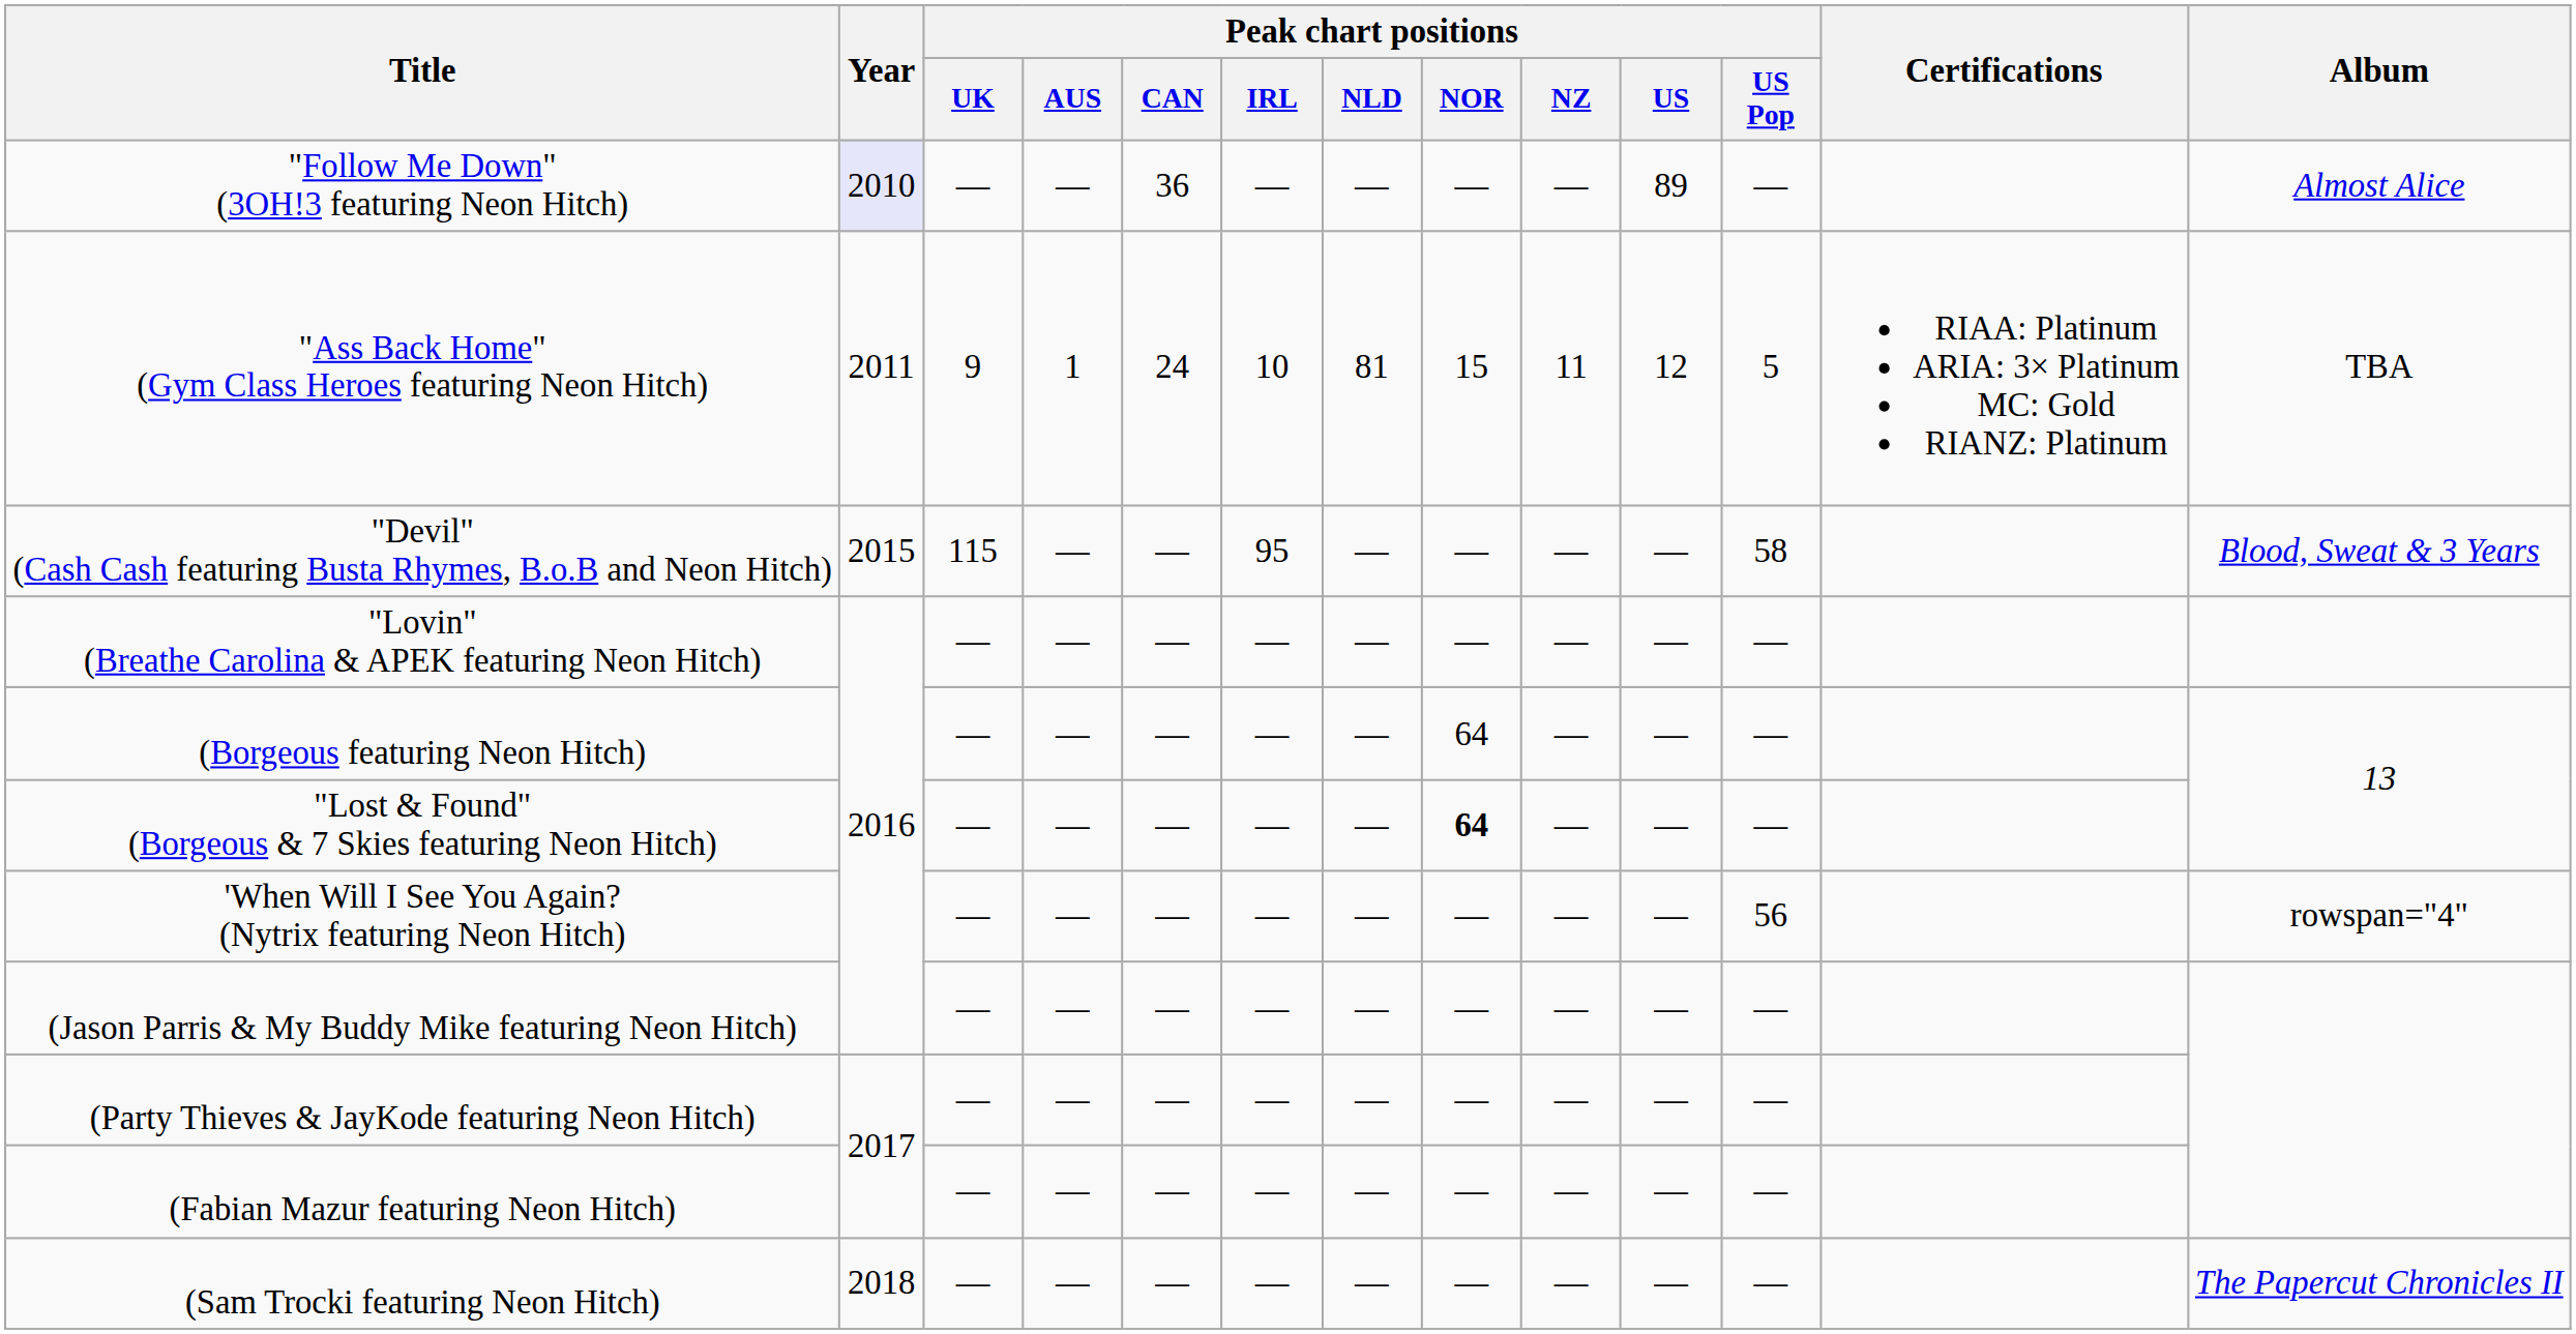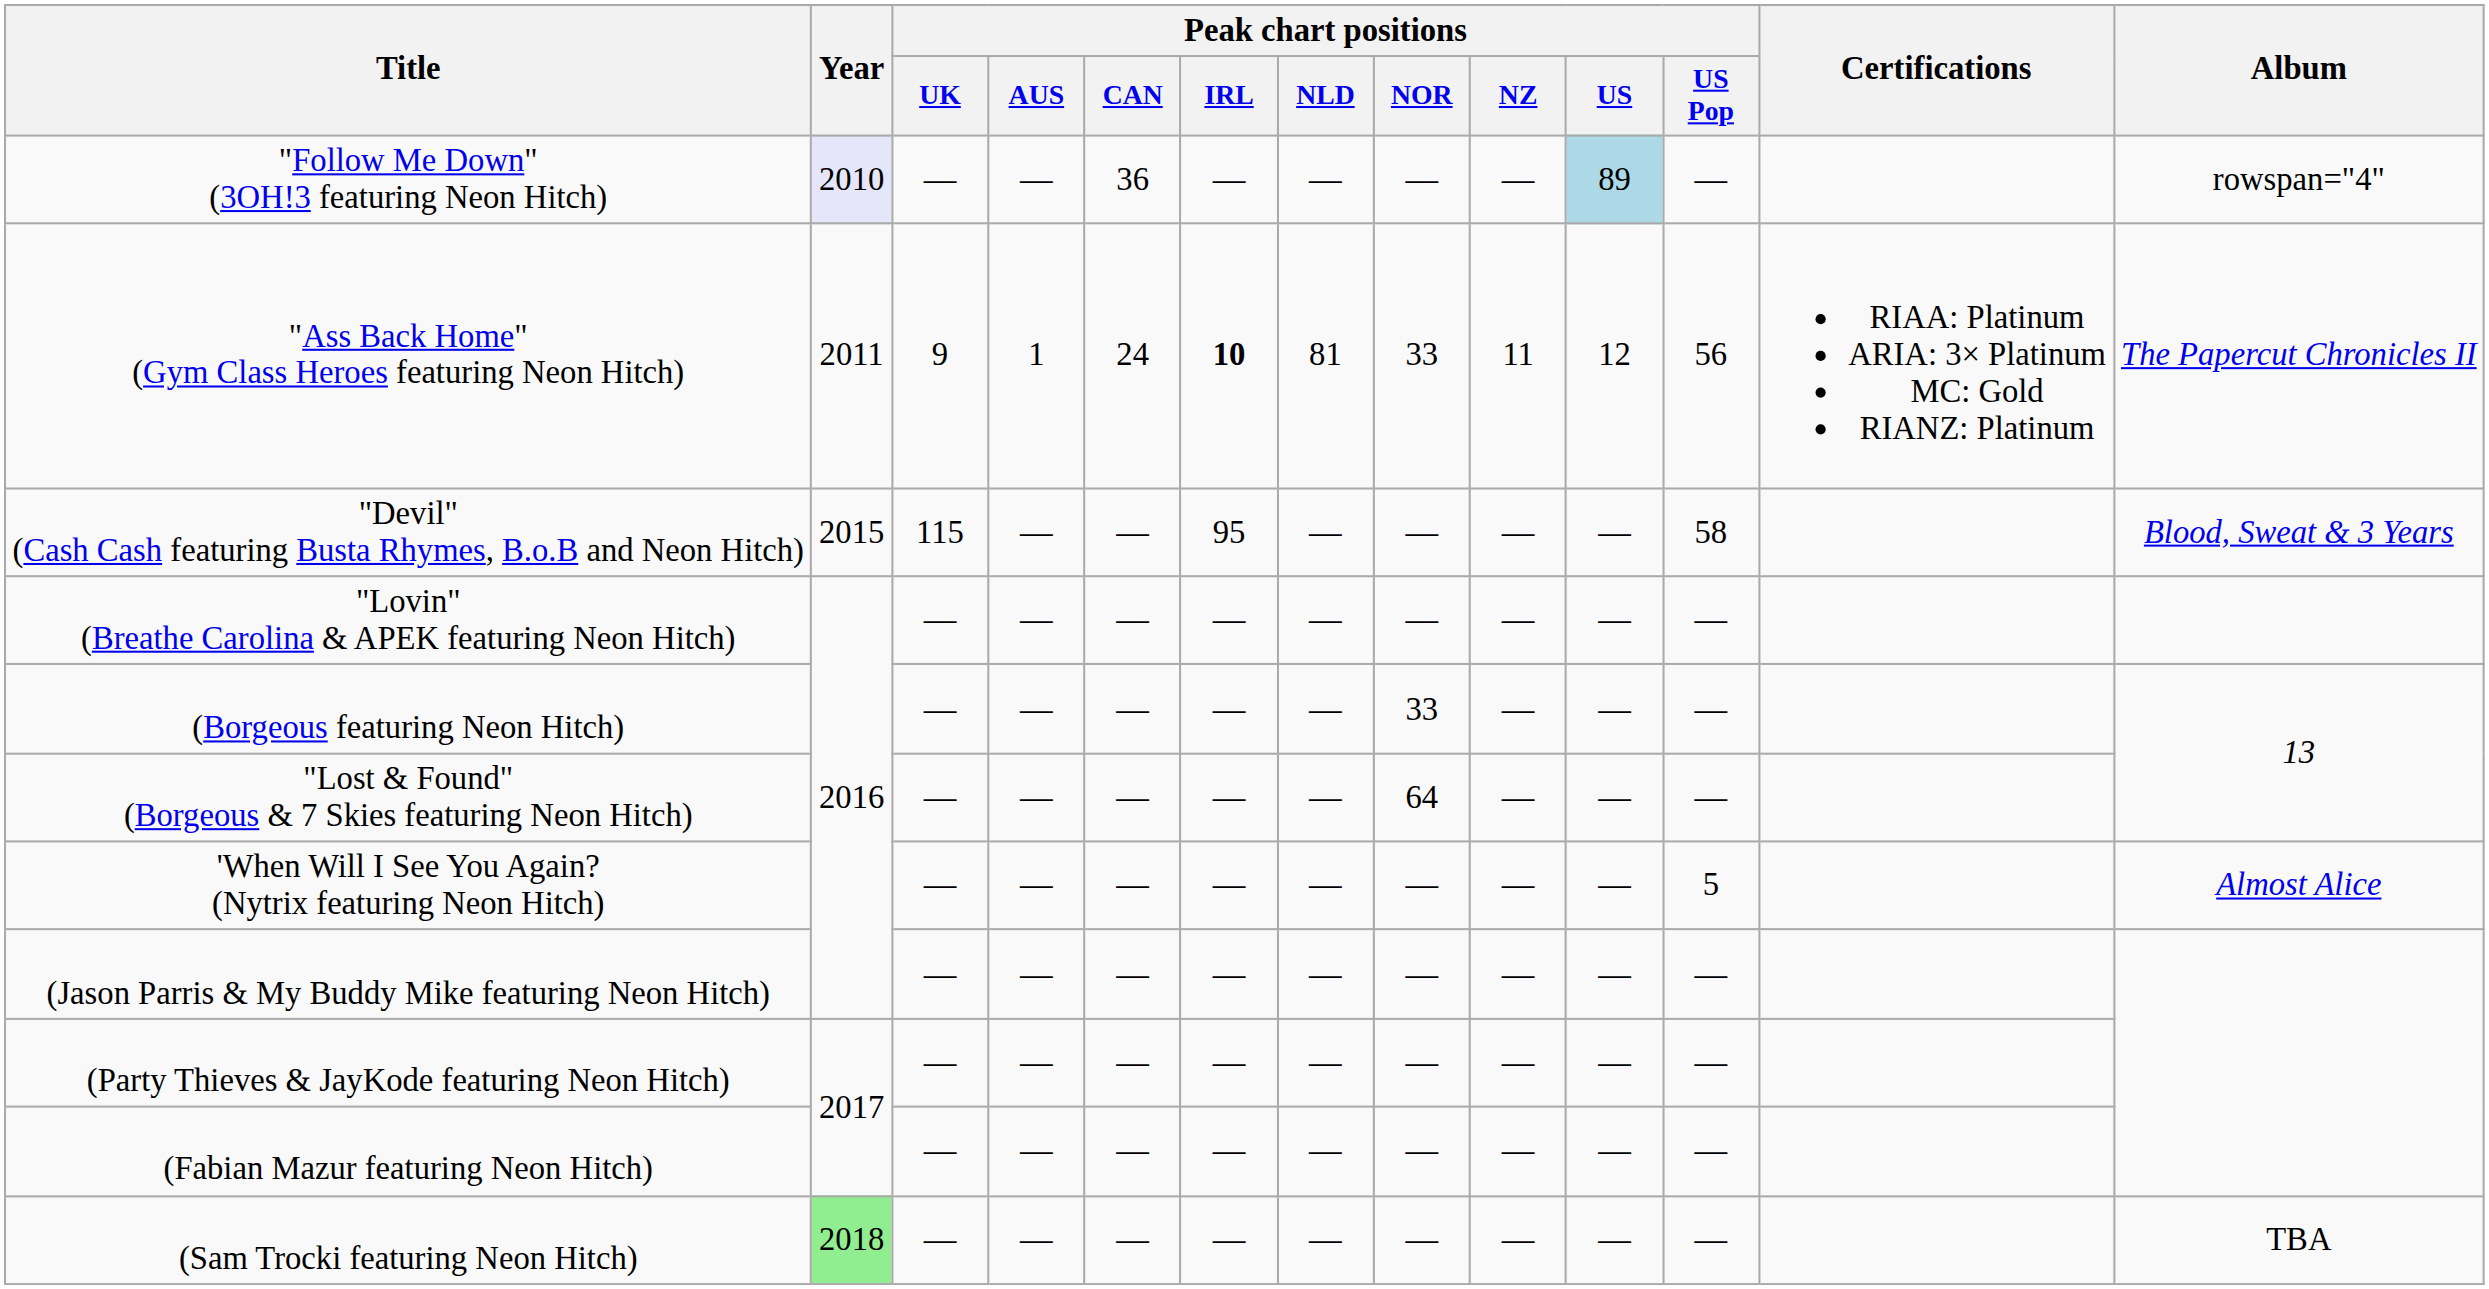 <table class="wikitable plainrowheaders" style="text-align:center;">
 <tr>
 <th scope="col" rowspan="2">Title</th>
 <th scope="col" rowspan="2">Year</th>
 <th scope="col" colspan="9">Peak chart positions</th>
 <th scope="col" rowspan="2">Certifications</th>
 <th scope="col" rowspan="2">Album</th>
 </tr>
 <tr>
 <th scope="col" style="width:3em;font-size:85%;"><a href='#'>UK</a></th>
 <th scope="col" style="width:3em;font-size:85%;"><a href='#'>AUS</a><br></th>
 <th scope="col" style="width:3em;font-size:85%;"><a href='#'>CAN</a></th>
 <th scope="col" style="width:3em;font-size:85%;"><a href='#'>IRL</a><br></th>
 <th scope="col" style="width:3em;font-size:85%;"><a href='#'>NLD</a><br></th>
 <th scope="col" style="width:3em;font-size:85%;"><a href='#'>NOR</a><br></th>
 <th scope="col" style="width:3em;font-size:85%;"><a href='#'>NZ</a><br></th>
 <th scope="col" style="width:3em;font-size:85%;"><a href='#'>US</a></th>
 <th scope="col" style="width:3em;font-size:85%;"><a href='#'>US<br>Pop</a></th>
 </tr>
 <tr>
 <td scope="row">"<a href='#'>Follow Me Down</a>"<br><span>(<a href='#'>3OH!3</a> featuring Neon Hitch)</span></td>
 <td style="background: lavender;">2010</td>
 <td>—</td>
 <td>—</td>
 <td>36</td>
 <td>—</td>
 <td>—</td>
 <td>—</td>
 <td>—</td>
-<td>89</td>
+<td style="background: lightblue;">89</td>
 <td>—</td>
 <td></td>
-<td><em><a href='#'>Almost Alice</a></em></td>
+<td>rowspan="4" </td>
 </tr>
 <tr>
 <td scope="row">"<a href='#'>Ass Back Home</a>"<br><span>(<a href='#'>Gym Class Heroes</a> featuring Neon Hitch)</span></td>
 <td>2011</td>
 <td>9</td>
 <td>1</td>
 <td>24</td>
-<td>10</td>
+<td><strong>10</strong></td>
 <td>81</td>
-<td>15</td>
+<td>33</td>
 <td>11</td>
 <td>12</td>
-<td>5</td>
+<td>56</td>
 <td><br><ul><li>RIAA: Platinum</li><li>ARIA: 3× Platinum</li><li>MC: Gold</li><li>RIANZ: Platinum</li></ul></td>
-<td>TBA</td>
+<td><em><a href='#'>The Papercut Chronicles II</a></em></td>
 </tr>
 <tr>
 <td scope="row">"Devil"<br><span>(<a href='#'>Cash Cash</a> featuring <a href='#'>Busta Rhymes</a>, <a href='#'>B.o.B</a> and Neon Hitch)</span></td>
 <td>2015</td>
 <td>115</td>
 <td>—</td>
 <td>—</td>
 <td>95</td>
 <td>—</td>
 <td>—</td>
 <td>—</td>
 <td>—</td>
 <td>58</td>
 <td></td>
 <td><em><a href='#'>Blood, Sweat & 3 Years</a></em></td>
 </tr>
 <tr>
 <td scope="row">"Lovin"<br><span>(<a href='#'>Breathe Carolina</a> & APEK featuring Neon Hitch)</span></td>
 <td rowspan="5">2016</td>
 <td>—</td>
 <td>—</td>
 <td>—</td>
 <td>—</td>
 <td>—</td>
 <td>—</td>
 <td>—</td>
 <td>—</td>
 <td>—</td>
 <td></td>
 <td></td>
 </tr>
 <tr>
 <td><br><span>(<a href='#'>Borgeous</a> featuring Neon Hitch)</span></td>
 <td>—</td>
 <td>—</td>
 <td>—</td>
 <td>—</td>
 <td>—</td>
-<td>64</td>
+<td>33</td>
 <td>—</td>
 <td>—</td>
 <td>—</td>
 <td></td>
 <td rowspan="2"><em>13</em></td>
 </tr>
 <tr>
 <td scope="row">"Lost & Found"<br><span>(<a href='#'>Borgeous</a> & 7 Skies featuring Neon Hitch)</span></td>
 <td>—</td>
 <td>—</td>
 <td>—</td>
 <td>—</td>
 <td>—</td>
-<td><strong>64</strong></td>
+<td>64</td>
 <td>—</td>
 <td>—</td>
 <td>—</td>
 <td></td>
 </tr>
 <tr>
 <td>'When Will I See You Again?<br><span>(Nytrix featuring Neon Hitch)</span></td>
 <td>—</td>
 <td>—</td>
 <td>—</td>
 <td>—</td>
 <td>—</td>
 <td>—</td>
 <td>—</td>
 <td>—</td>
-<td>56</td>
+<td>5</td>
 <td></td>
-<td>rowspan="4" </td>
+<td><em><a href='#'>Almost Alice</a></em></td>
 </tr>
 <tr>
 <td><br><span>(Jason Parris & My Buddy Mike featuring Neon Hitch)</span></td>
 <td>—</td>
 <td>—</td>
 <td>—</td>
 <td>—</td>
 <td>—</td>
 <td>—</td>
 <td>—</td>
 <td>—</td>
 <td>—</td>
 <td></td>
 </tr>
 <tr>
 <td><br><span>(Party Thieves & JayKode featuring Neon Hitch)</span></td>
 <td rowspan="2">2017</td>
 <td>—</td>
 <td>—</td>
 <td>—</td>
 <td>—</td>
 <td>—</td>
 <td>—</td>
 <td>—</td>
 <td>—</td>
 <td>—</td>
 <td></td>
 </tr>
 <tr>
 <td><br><span>(Fabian Mazur featuring Neon Hitch)</span></td>
 <td>—</td>
 <td>—</td>
 <td>—</td>
 <td>—</td>
 <td>—</td>
 <td>—</td>
 <td>—</td>
 <td>—</td>
 <td>—</td>
 <td></td>
 </tr>
 <tr>
 <td><br><span>(Sam Trocki featuring Neon Hitch)</span></td>
-<td>2018</td>
+<td style="background: lightgreen;">2018</td>
 <td>—</td>
 <td>—</td>
 <td>—</td>
 <td>—</td>
 <td>—</td>
 <td>—</td>
 <td>—</td>
 <td>—</td>
 <td>—</td>
 <td></td>
-<td><em><a href='#'>The Papercut Chronicles II</a></em></td>
+<td>TBA</td>
 </tr>
 </table>
